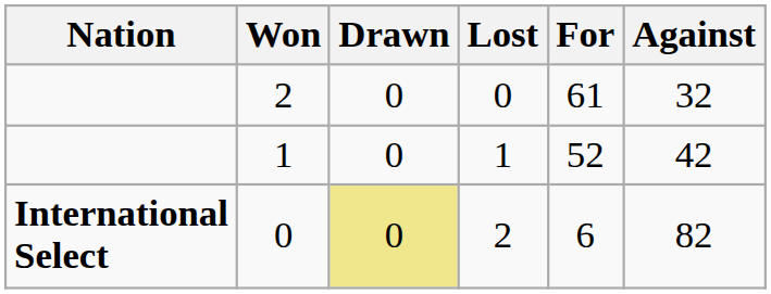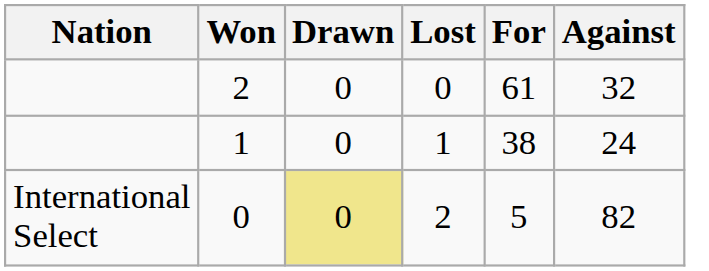 <table class="wikitable" style="width:50%;text-align:center">
 <tr>
 <th>Nation</th>
 <th>Won</th>
 <th>Drawn</th>
 <th>Lost</th>
 <th>For</th>
 <th>Against</th>
 </tr>
 <tr>
 <td align=left></td>
 <td>2</td>
 <td>0</td>
 <td>0</td>
 <td>61</td>
 <td>32</td>
 </tr>
 <tr>
 <td align=left></td>
 <td>1</td>
 <td>0</td>
 <td>1</td>
-<td>52</td>
-<td>42</td>
+<td>38</td>
+<td>24</td>
 </tr>
 <tr>
-<td align=left><strong>International Select</strong></td>
+<td align=left>International Select</td>
 <td>0</td>
 <td style="background: khaki;">0</td>
 <td>2</td>
-<td>6</td>
+<td>5</td>
 <td>82</td>
 </tr>
 </table>
